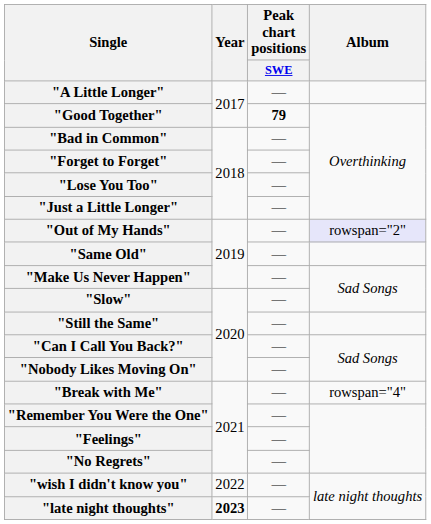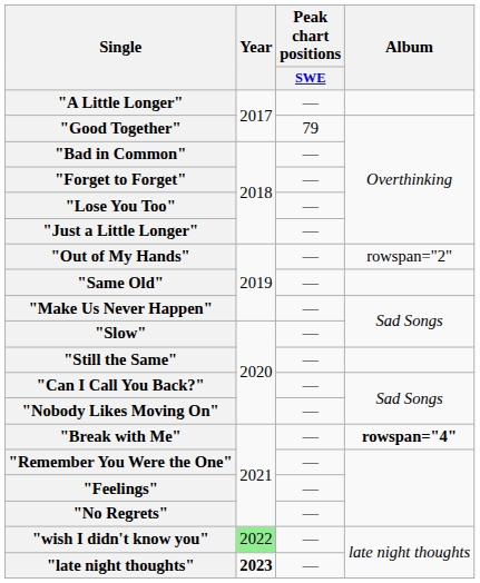 <table class="wikitable plainrowheaders" style="text-align:center;">
 <tr>
 <th scope="col" rowspan="2">Single</th>
 <th scope="col" rowspan="2">Year</th>
 <th scope="col">Peak chart positions</th>
 <th scope="col" rowspan="2">Album</th>
 </tr>
 <tr>
 <th scope="col" style="width:3em;font-size:85%;"><a href='#'>SWE</a><br></th>
 </tr>
 <tr>
 <th scope="row">"A Little Longer"<br></th>
 <td rowspan="2">2017</td>
 <td>—</td>
 <td></td>
 </tr>
 <tr>
 <th scope="row">"Good Together"</th>
-<td><strong>79</strong></td>
+<td>79</td>
 <td rowspan="5"><em>Overthinking</em></td>
 </tr>
 <tr>
 <th scope="row">"Bad in Common"</th>
 <td rowspan="4">2018</td>
 <td>—</td>
 </tr>
 <tr>
 <th scope="row">"Forget to Forget"</th>
 <td>—</td>
 </tr>
 <tr>
 <th scope="row">"Lose You Too"</th>
 <td>—</td>
 </tr>
 <tr>
 <th scope="row">"Just a Little Longer"</th>
 <td>—</td>
 </tr>
 <tr>
 <th scope="row">"Out of My Hands"</th>
 <td rowspan="3">2019</td>
 <td>—</td>
-<td style="background: lavender;">rowspan="2" </td>
+<td>rowspan="2" </td>
 </tr>
 <tr>
 <th scope="row">"Same Old"</th>
 <td>—</td>
 </tr>
 <tr>
 <th scope="row">"Make Us Never Happen"</th>
 <td>—</td>
 <td rowspan="2"><em>Sad Songs</em></td>
 </tr>
 <tr>
 <th scope="row">"Slow"</th>
 <td rowspan="4">2020</td>
 <td>—</td>
 </tr>
 <tr>
 <th scope="row">"Still the Same"<br></th>
 <td>—</td>
 <td></td>
 </tr>
 <tr>
 <th scope="row">"Can I Call You Back?"</th>
 <td>—</td>
 <td rowspan="2"><em>Sad Songs</em></td>
 </tr>
 <tr>
 <th scope="row">"Nobody Likes Moving On"</th>
 <td>—</td>
 </tr>
 <tr>
 <th scope="row">"Break with Me"</th>
 <td rowspan="4">2021</td>
 <td>—</td>
-<td>rowspan="4" </td>
+<td><strong>rowspan="4" </strong></td>
 </tr>
 <tr>
 <th scope="row">"Remember You Were the One"</th>
 <td>—</td>
 </tr>
 <tr>
 <th scope="row">"Feelings"</th>
 <td>—</td>
 </tr>
 <tr>
 <th scope="row">"No Regrets"<br></th>
 <td>—</td>
 </tr>
 <tr>
 <th scope="row">"wish I didn't know you"</th>
-<td>2022</td>
+<td style="background: lightgreen;">2022</td>
 <td>—</td>
 <td rowspan="2"><em>late night thoughts</em></td>
 </tr>
 <tr>
 <th scope="row">"late night thoughts"</th>
 <td><strong>2023</strong></td>
 <td>—</td>
 </tr>
 </table>
